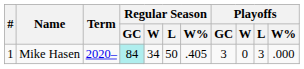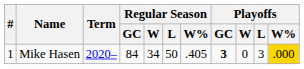 <table class="wikitable">
 <tr>
 <th rowspan="2">#</th>
 <th rowspan="2">Name</th>
 <th rowspan="2">Term</th>
 <th colspan="4">Regular Season</th>
 <th colspan="4">Playoffs</th>
 </tr>
 <tr ALIGN=center>
 <th>GC</th>
 <th>W</th>
 <th>L</th>
 <th>W%</th>
 <th>GC</th>
 <th>W</th>
 <th>L</th>
 <th>W%</th>
 </tr>
 <tr ALIGN=center>
 <td>1</td>
 <td>Mike Hasen</td>
 <td><a href='#'>2020–</a></td>
-<td style="background: paleturquoise;">84</td>
+<td>84</td>
 <td>34</td>
 <td>50</td>
 <td>.405</td>
-<td>3</td>
+<td><strong>3</strong></td>
 <td>0</td>
 <td>3</td>
-<td>.000</td>
+<td style="background: gold;">.000</td>
 </tr>
 </table>
